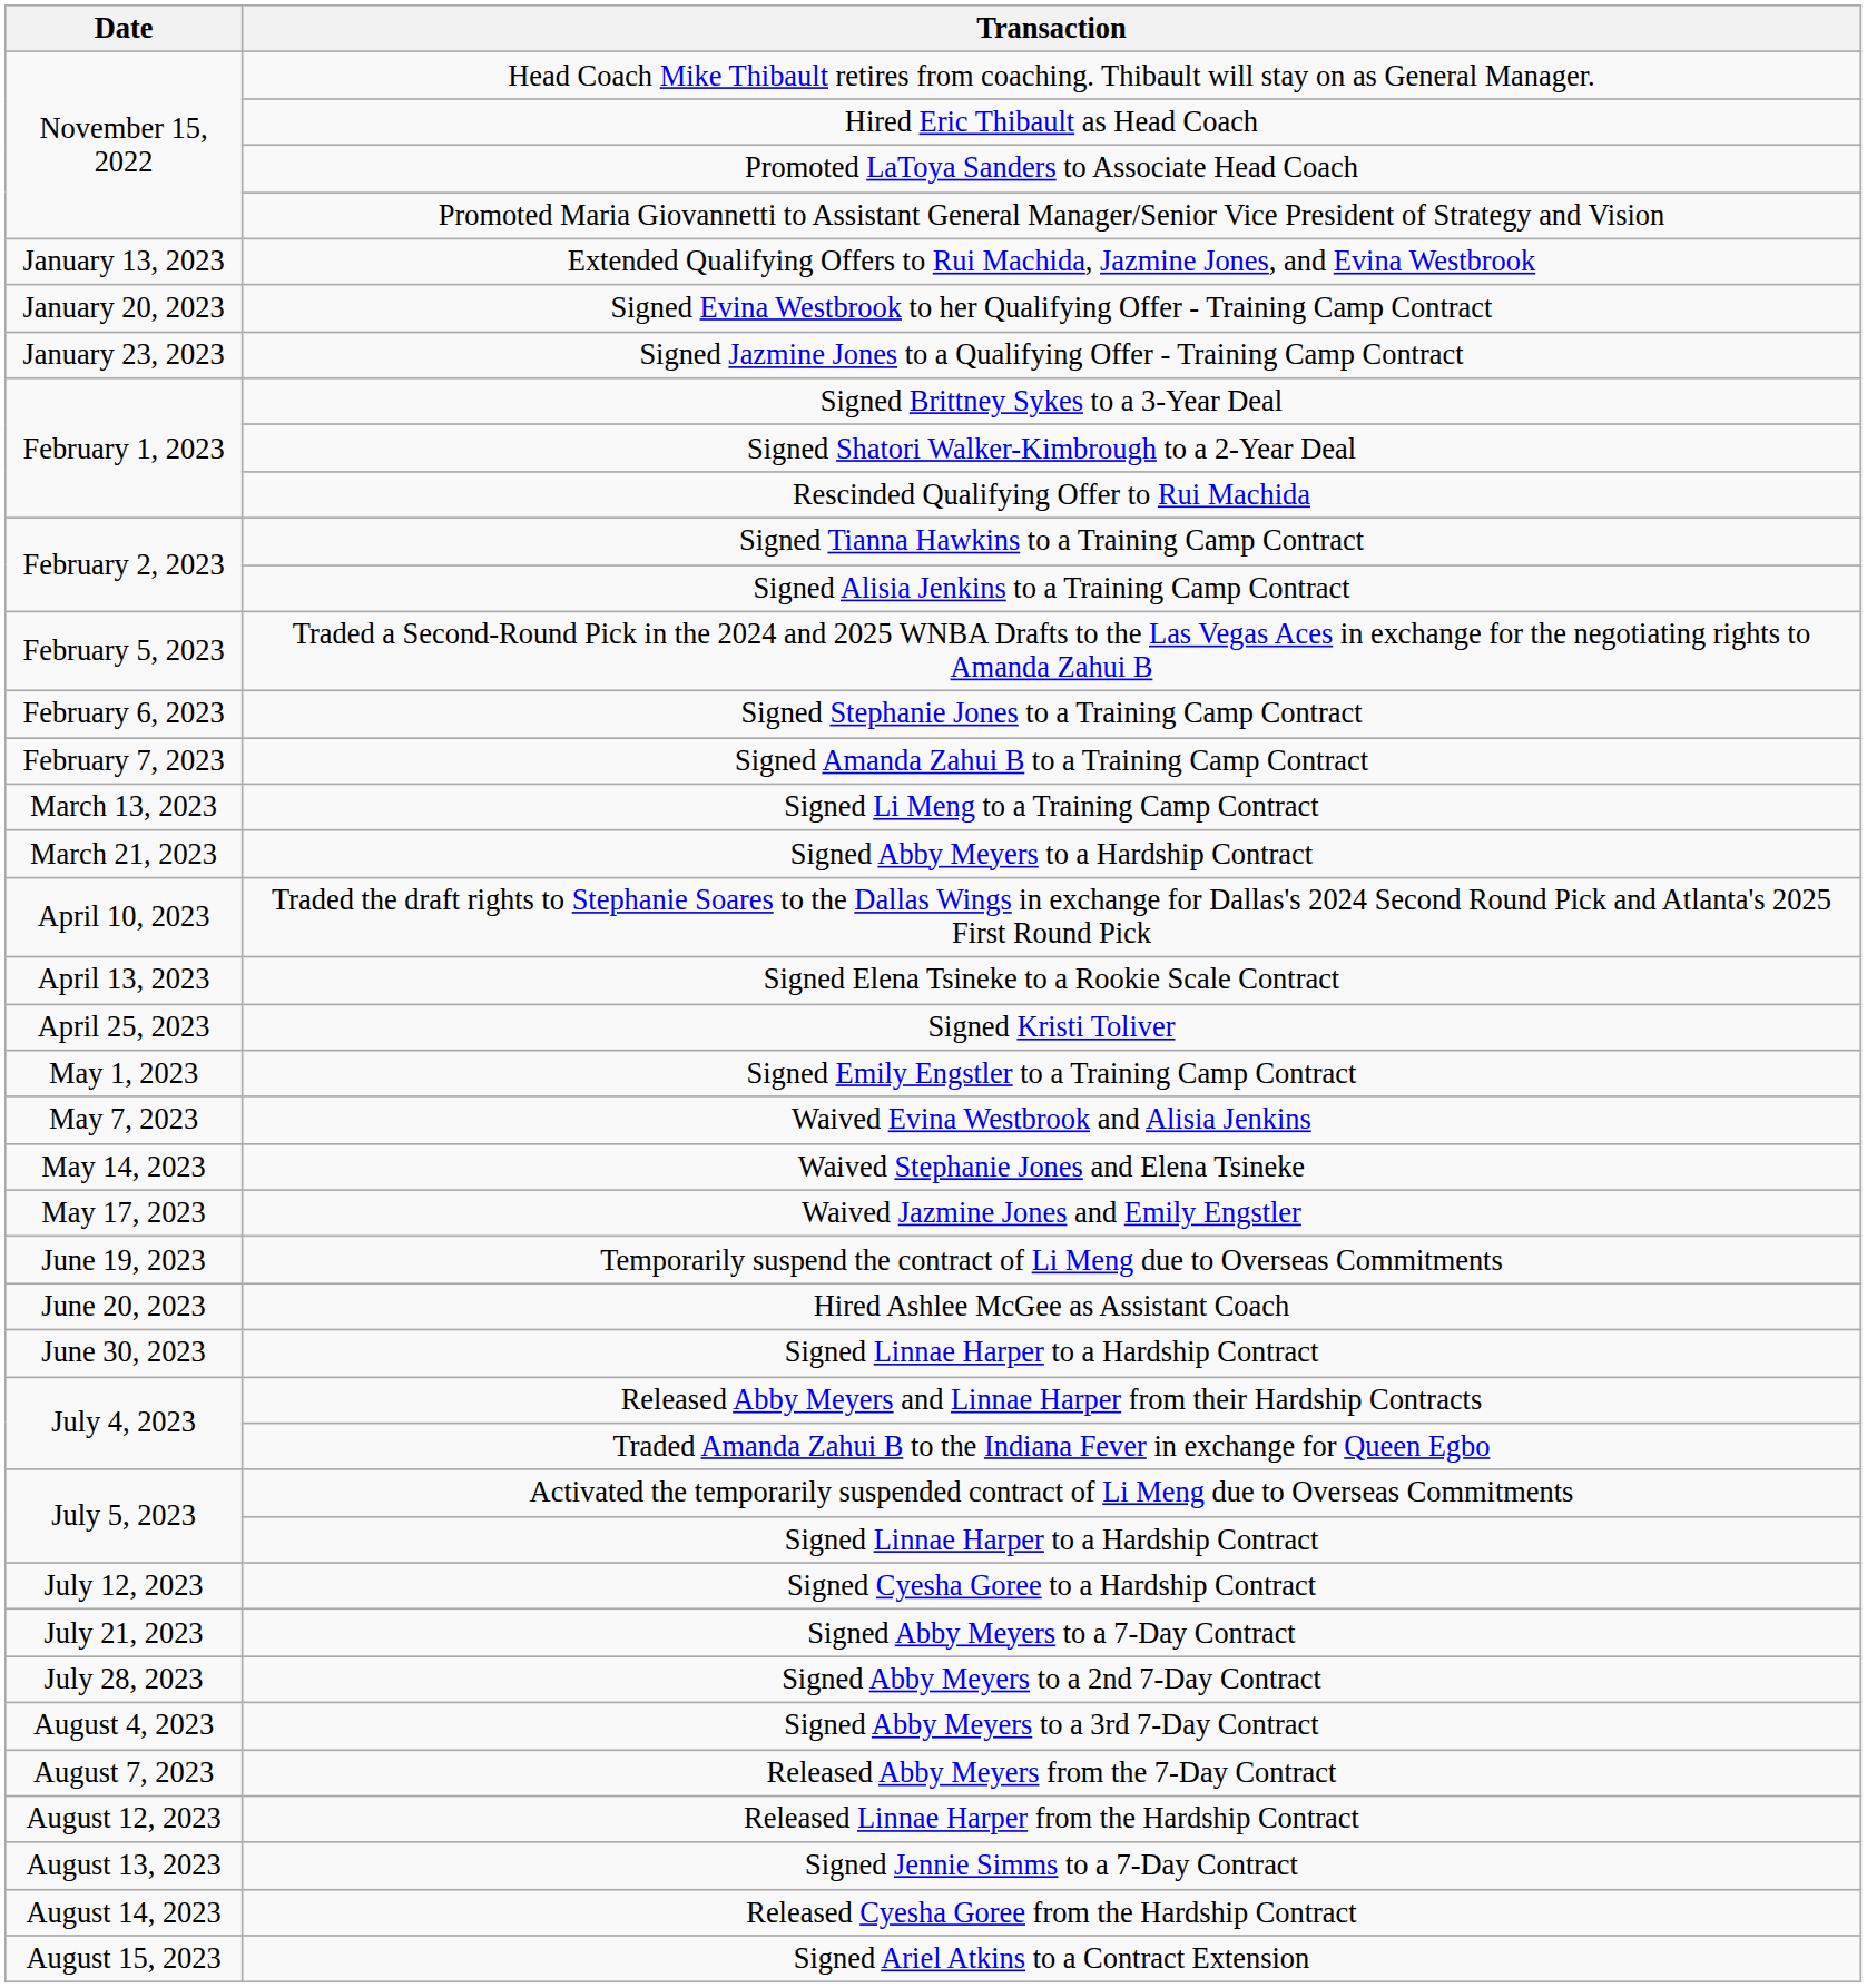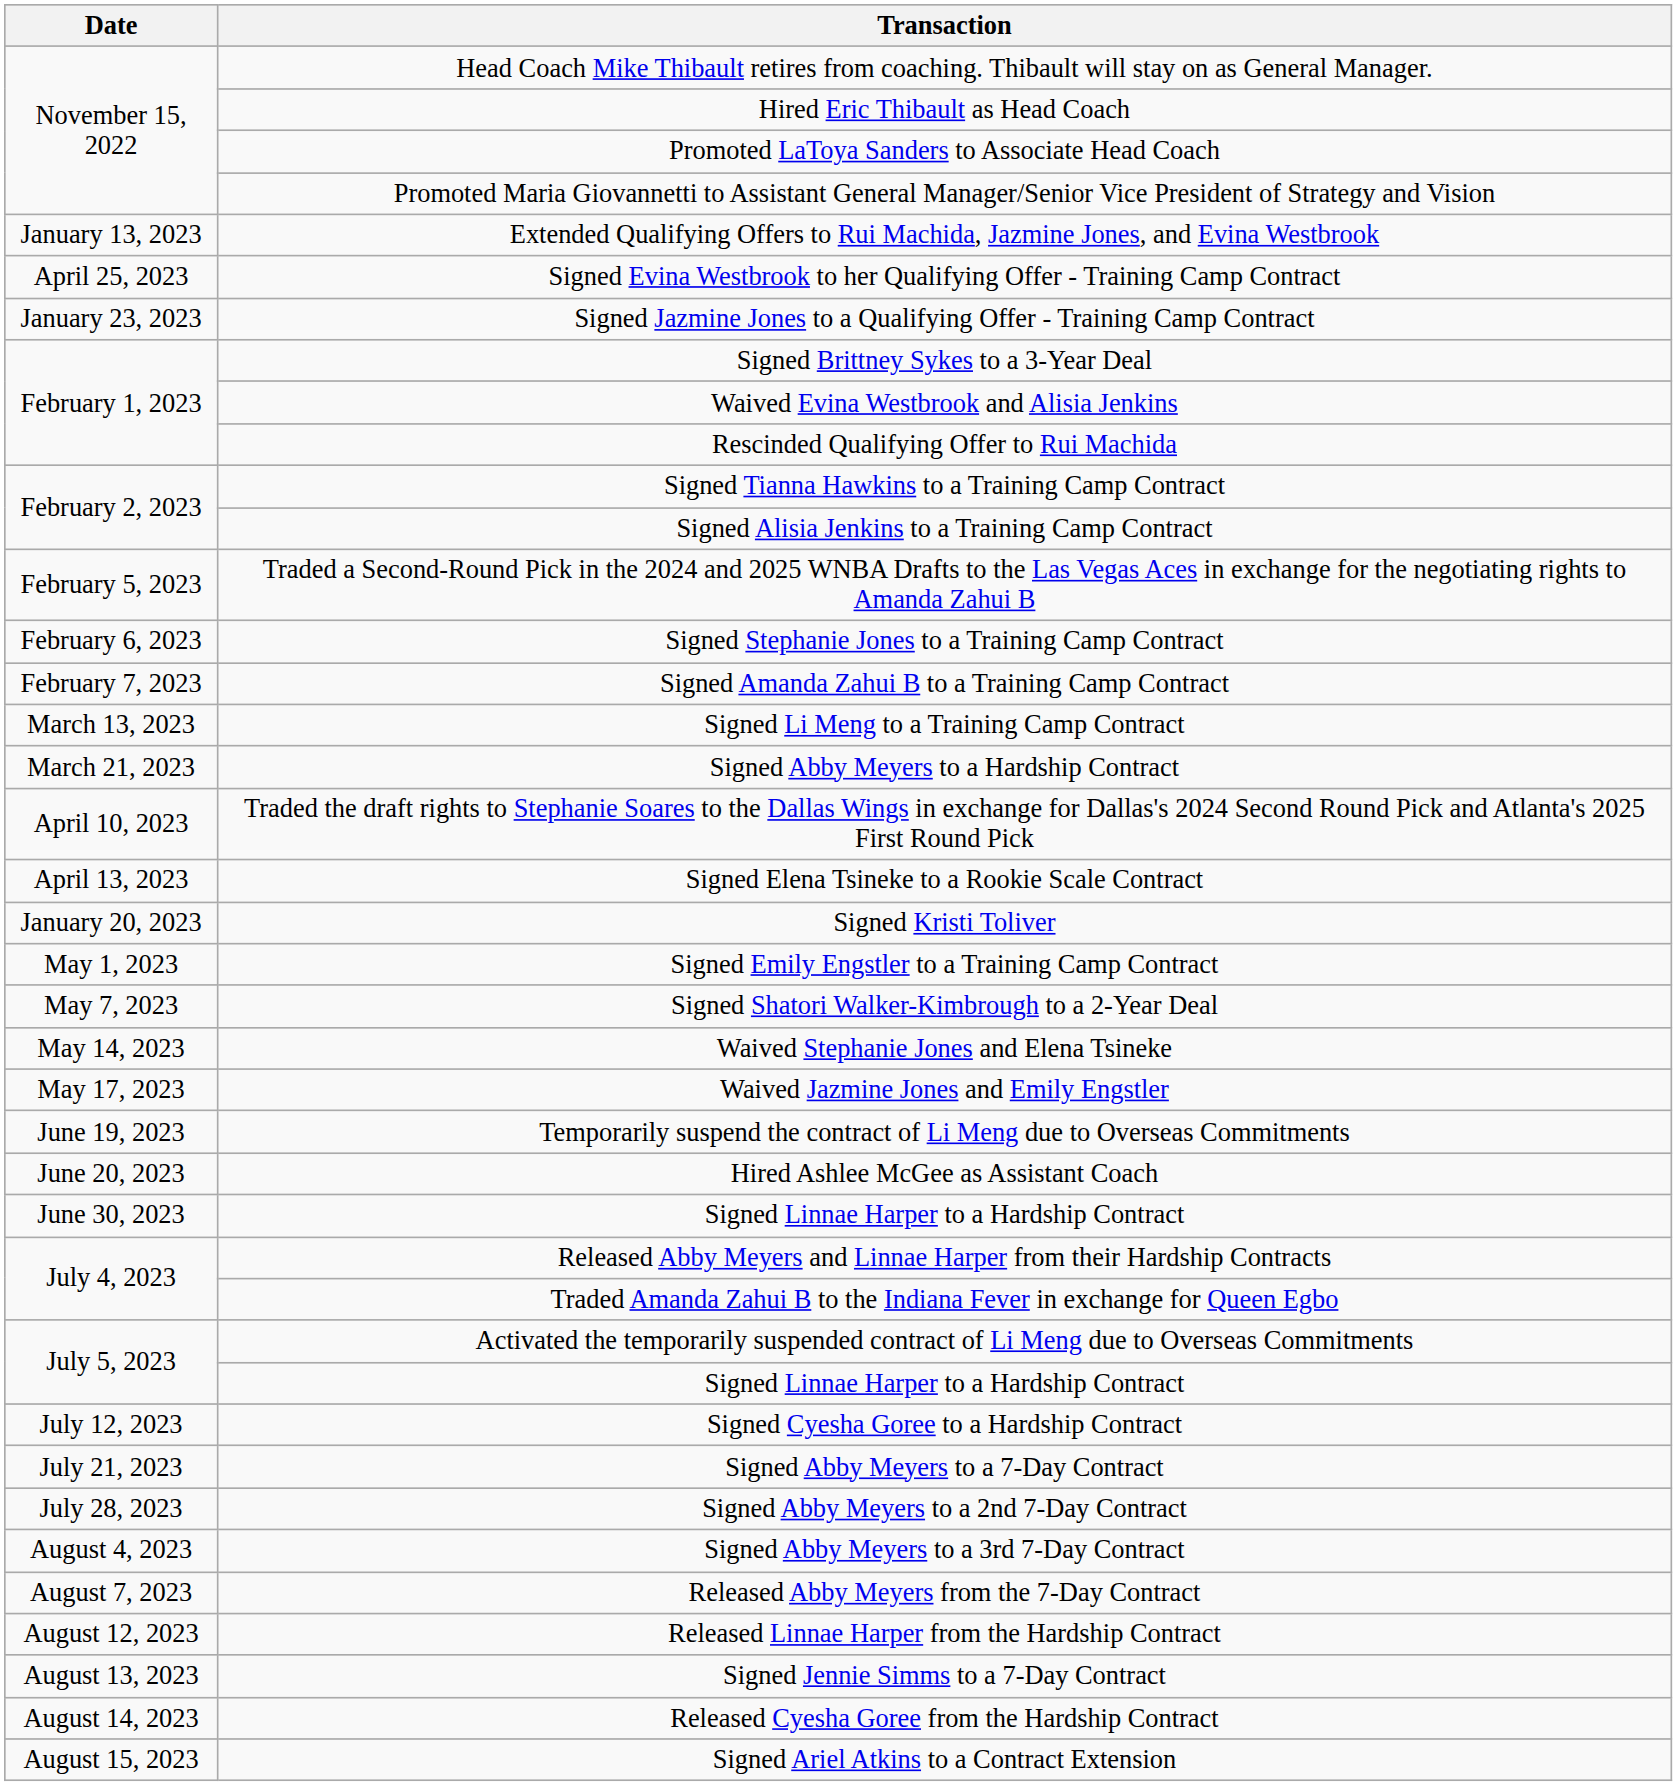 <table class="wikitable" style="width:80%; text-align: center;">
 <tr>
 <th>Date</th>
 <th>Transaction</th>
 </tr>
 <tr>
 <td rowspan=4>November 15, 2022</td>
 <td>Head Coach <a href='#'>Mike Thibault</a> retires from coaching. Thibault will stay on as General Manager.</td>
 </tr>
 <tr>
 <td>Hired <a href='#'>Eric Thibault</a> as Head Coach</td>
 </tr>
 <tr>
 <td>Promoted <a href='#'>LaToya Sanders</a> to Associate Head Coach</td>
 </tr>
 <tr>
 <td>Promoted Maria Giovannetti to Assistant General Manager/Senior Vice President of Strategy and Vision</td>
 </tr>
 <tr>
 <td>January 13, 2023</td>
 <td>Extended Qualifying Offers to <a href='#'>Rui Machida</a>, <a href='#'>Jazmine Jones</a>, and <a href='#'>Evina Westbrook</a></td>
 </tr>
 <tr>
-<td>January 20, 2023</td>
+<td>April 25, 2023</td>
 <td>Signed <a href='#'>Evina Westbrook</a> to her Qualifying Offer - Training Camp Contract</td>
 </tr>
 <tr>
 <td>January 23, 2023</td>
 <td>Signed <a href='#'>Jazmine Jones</a> to a Qualifying Offer - Training Camp Contract</td>
 </tr>
 <tr>
 <td rowspan=3>February 1, 2023</td>
 <td>Signed <a href='#'>Brittney Sykes</a> to a 3-Year Deal</td>
 </tr>
 <tr>
-<td>Signed <a href='#'>Shatori Walker-Kimbrough</a> to a 2-Year Deal</td>
+<td>Waived <a href='#'>Evina Westbrook</a> and <a href='#'>Alisia Jenkins</a></td>
 </tr>
 <tr>
 <td>Rescinded Qualifying Offer to <a href='#'>Rui Machida</a></td>
 </tr>
 <tr>
 <td rowspan=2>February 2, 2023</td>
 <td>Signed <a href='#'>Tianna Hawkins</a> to a Training Camp Contract</td>
 </tr>
 <tr>
 <td>Signed <a href='#'>Alisia Jenkins</a> to a Training Camp Contract</td>
 </tr>
 <tr>
 <td>February 5, 2023</td>
 <td>Traded a Second-Round Pick in the 2024 and 2025 WNBA Drafts to the <a href='#'>Las Vegas Aces</a> in exchange for the negotiating rights to <a href='#'>Amanda Zahui B</a></td>
 </tr>
 <tr>
 <td>February 6, 2023</td>
 <td>Signed <a href='#'>Stephanie Jones</a> to a Training Camp Contract</td>
 </tr>
 <tr>
 <td>February 7, 2023</td>
 <td>Signed <a href='#'>Amanda Zahui B</a> to a Training Camp Contract</td>
 </tr>
 <tr>
 <td>March 13, 2023</td>
 <td>Signed <a href='#'>Li Meng</a> to a Training Camp Contract</td>
 </tr>
 <tr>
 <td>March 21, 2023</td>
 <td>Signed <a href='#'>Abby Meyers</a> to a Hardship Contract</td>
 </tr>
 <tr>
 <td>April 10, 2023</td>
 <td>Traded the draft rights to <a href='#'>Stephanie Soares</a> to the <a href='#'>Dallas Wings</a> in exchange for Dallas's 2024 Second Round Pick and Atlanta's 2025 First Round Pick</td>
 </tr>
 <tr>
 <td>April 13, 2023</td>
 <td>Signed Elena Tsineke to a Rookie Scale Contract</td>
 </tr>
 <tr>
-<td>April 25, 2023</td>
+<td>January 20, 2023</td>
 <td>Signed <a href='#'>Kristi Toliver</a></td>
 </tr>
 <tr>
 <td>May 1, 2023</td>
 <td>Signed <a href='#'>Emily Engstler</a> to a Training Camp Contract</td>
 </tr>
 <tr>
 <td>May 7, 2023</td>
-<td>Waived <a href='#'>Evina Westbrook</a> and <a href='#'>Alisia Jenkins</a></td>
+<td>Signed <a href='#'>Shatori Walker-Kimbrough</a> to a 2-Year Deal</td>
 </tr>
 <tr>
 <td>May 14, 2023</td>
 <td>Waived <a href='#'>Stephanie Jones</a> and Elena Tsineke</td>
 </tr>
 <tr>
 <td>May 17, 2023</td>
 <td>Waived <a href='#'>Jazmine Jones</a> and <a href='#'>Emily Engstler</a></td>
 </tr>
 <tr>
 <td>June 19, 2023</td>
 <td>Temporarily suspend the contract of <a href='#'>Li Meng</a> due to Overseas Commitments</td>
 </tr>
 <tr>
 <td>June 20, 2023</td>
 <td>Hired Ashlee McGee as Assistant Coach</td>
 </tr>
 <tr>
 <td>June 30, 2023</td>
 <td>Signed <a href='#'>Linnae Harper</a> to a Hardship Contract</td>
 </tr>
 <tr>
 <td rowspan=2>July 4, 2023</td>
 <td>Released <a href='#'>Abby Meyers</a> and <a href='#'>Linnae Harper</a> from their Hardship Contracts</td>
 </tr>
 <tr>
 <td>Traded <a href='#'>Amanda Zahui B</a> to the <a href='#'>Indiana Fever</a> in exchange for <a href='#'>Queen Egbo</a></td>
 </tr>
 <tr>
 <td rowspan=2>July 5, 2023</td>
 <td>Activated the temporarily suspended contract of <a href='#'>Li Meng</a> due to Overseas Commitments</td>
 </tr>
 <tr>
 <td>Signed <a href='#'>Linnae Harper</a> to a Hardship Contract</td>
 </tr>
 <tr>
 <td>July 12, 2023</td>
 <td>Signed <a href='#'>Cyesha Goree</a> to a Hardship Contract</td>
 </tr>
 <tr>
 <td>July 21, 2023</td>
 <td>Signed <a href='#'>Abby Meyers</a> to a 7-Day Contract</td>
 </tr>
 <tr>
 <td>July 28, 2023</td>
 <td>Signed <a href='#'>Abby Meyers</a> to a 2nd 7-Day Contract</td>
 </tr>
 <tr>
 <td>August 4, 2023</td>
 <td>Signed <a href='#'>Abby Meyers</a> to a 3rd 7-Day Contract</td>
 </tr>
 <tr>
 <td>August 7, 2023</td>
 <td>Released <a href='#'>Abby Meyers</a> from the 7-Day Contract</td>
 </tr>
 <tr>
 <td>August 12, 2023</td>
 <td>Released <a href='#'>Linnae Harper</a> from the Hardship Contract</td>
 </tr>
 <tr>
 <td>August 13, 2023</td>
 <td>Signed <a href='#'>Jennie Simms</a> to a 7-Day Contract</td>
 </tr>
 <tr>
 <td>August 14, 2023</td>
 <td>Released <a href='#'>Cyesha Goree</a> from the Hardship Contract</td>
 </tr>
 <tr>
 <td>August 15, 2023</td>
 <td>Signed <a href='#'>Ariel Atkins</a> to a Contract Extension</td>
 </tr>
 </table>
